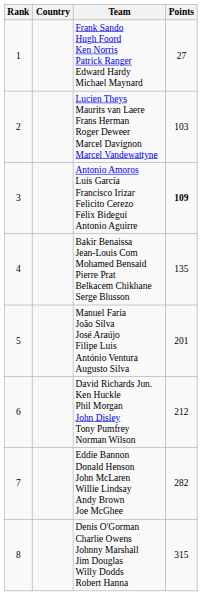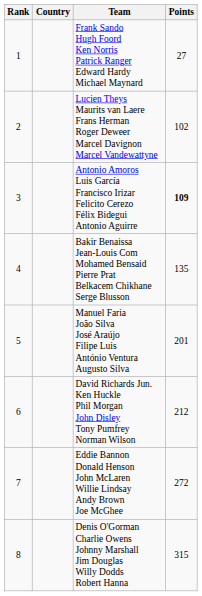 <table class="wikitable sortable" style=" text-align:center; font-size:95%;" width="50%">
 <tr>
 <th>Rank</th>
 <th>Country</th>
 <th>Team</th>
 <th>Points</th>
 </tr>
 <tr>
 <td align=center>1</td>
 <td align=left></td>
 <td align=left><a href='#'>Frank Sando</a><br><a href='#'>Hugh Foord</a><br><a href='#'>Ken Norris</a><br><a href='#'>Patrick Ranger</a><br>Edward Hardy<br>Michael Maynard</td>
 <td>27</td>
 </tr>
 <tr>
 <td align=center>2</td>
 <td align=left></td>
 <td align=left><a href='#'>Lucien Theys</a><br>Maurits van Laere<br>Frans Herman<br>Roger Deweer<br>Marcel Davignon<br><a href='#'>Marcel Vandewattyne</a></td>
-<td>103</td>
+<td>102</td>
 </tr>
 <tr>
 <td align=center>3</td>
 <td align=left></td>
 <td align=left><a href='#'>Antonio Amoros</a><br>Luis García<br>Francisco Irizar<br>Felicito Cerezo<br>Félix Bidegui<br>Antonio Aguirre</td>
 <td><strong>109</strong></td>
 </tr>
 <tr>
 <td align=center>4</td>
 <td align=left></td>
 <td align=left>Bakir Benaissa<br>Jean-Louis Com<br>Mohamed Bensaid<br>Pierre Prat<br>Belkacem Chikhane<br>Serge Blusson</td>
 <td>135</td>
 </tr>
 <tr>
 <td align=center>5</td>
 <td align=left></td>
 <td align=left>Manuel Faria<br>João Silva<br>José Araújo<br>Filipe Luis<br>António Ventura<br>Augusto Silva</td>
 <td>201</td>
 </tr>
 <tr>
 <td align=center>6</td>
 <td align=left></td>
 <td align=left>David Richards Jun.<br>Ken Huckle<br>Phil Morgan<br><a href='#'>John Disley</a><br>Tony Pumfrey<br>Norman Wilson</td>
 <td>212</td>
 </tr>
 <tr>
 <td align=center>7</td>
 <td align=left></td>
 <td align=left>Eddie Bannon<br>Donald Henson<br>John McLaren<br>Willie Lindsay<br>Andy Brown<br>Joe McGhee</td>
-<td>282</td>
+<td>272</td>
 </tr>
 <tr>
 <td align=center>8</td>
 <td align=left></td>
 <td align=left>Denis O'Gorman<br>Charlie Owens<br>Johnny Marshall<br>Jim Douglas<br>Willy Dodds<br>Robert Hanna</td>
 <td>315</td>
 </tr>
 </table>
